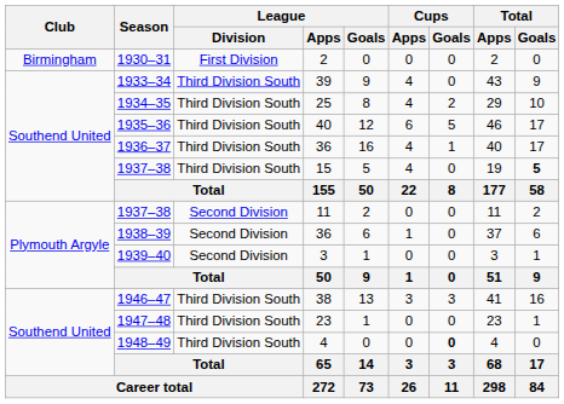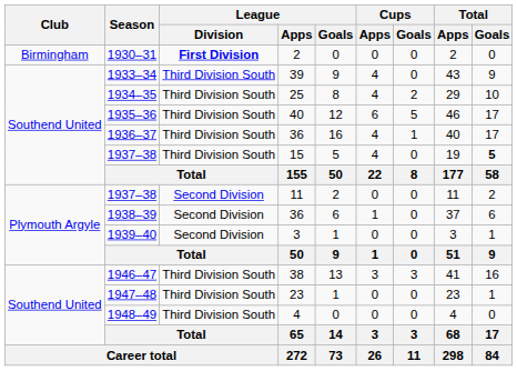 <table class="wikitable" style="text-align: center;">
 <tr>
 <th rowspan="2">Club</th>
 <th rowspan="2">Season</th>
 <th colspan="3">League</th>
 <th colspan="2">Cups</th>
 <th colspan="2">Total</th>
 </tr>
 <tr>
 <th>Division</th>
 <th>Apps</th>
 <th>Goals</th>
 <th>Apps</th>
 <th>Goals</th>
 <th>Apps</th>
 <th>Goals</th>
 </tr>
 <tr>
 <td><a href='#'>Birmingham</a></td>
 <td><a href='#'>1930–31</a></td>
-<td><a href='#'>First Division</a></td>
+<td><strong><a href='#'>First Division</a></strong></td>
 <td>2</td>
 <td>0</td>
 <td>0</td>
 <td>0</td>
 <td>2</td>
 <td>0</td>
 </tr>
 <tr>
 <td rowspan="6"><a href='#'>Southend United</a></td>
 <td><a href='#'>1933–34</a></td>
 <td><a href='#'>Third Division South</a></td>
 <td>39</td>
 <td>9</td>
 <td>4</td>
 <td>0</td>
 <td>43</td>
 <td>9</td>
 </tr>
 <tr>
 <td><a href='#'>1934–35</a></td>
 <td>Third Division South</td>
 <td>25</td>
 <td>8</td>
 <td>4</td>
 <td>2</td>
 <td>29</td>
 <td>10</td>
 </tr>
 <tr>
 <td><a href='#'>1935–36</a></td>
 <td>Third Division South</td>
 <td>40</td>
 <td>12</td>
 <td>6</td>
 <td>5</td>
 <td>46</td>
 <td>17</td>
 </tr>
 <tr>
 <td><a href='#'>1936–37</a></td>
 <td>Third Division South</td>
 <td>36</td>
 <td>16</td>
 <td>4</td>
 <td>1</td>
 <td>40</td>
 <td>17</td>
 </tr>
 <tr>
 <td><a href='#'>1937–38</a></td>
 <td>Third Division South</td>
 <td>15</td>
 <td>5</td>
 <td>4</td>
 <td>0</td>
 <td>19</td>
 <td><strong>5</strong></td>
 </tr>
 <tr>
 <th colspan="2">Total</th>
 <th>155</th>
 <th>50</th>
 <th>22</th>
 <th>8</th>
 <th>177</th>
 <th>58</th>
 </tr>
 <tr>
 <td rowspan="4"><a href='#'>Plymouth Argyle</a></td>
 <td><a href='#'>1937–38</a></td>
 <td><a href='#'>Second Division</a></td>
 <td>11</td>
 <td>2</td>
 <td>0</td>
 <td>0</td>
 <td>11</td>
 <td>2</td>
 </tr>
 <tr>
 <td><a href='#'>1938–39</a></td>
 <td>Second Division</td>
 <td>36</td>
 <td>6</td>
 <td>1</td>
 <td>0</td>
 <td>37</td>
 <td>6</td>
 </tr>
 <tr>
 <td><a href='#'>1939–40</a></td>
 <td>Second Division</td>
 <td>3</td>
 <td>1</td>
 <td>0</td>
 <td>0</td>
 <td>3</td>
 <td>1</td>
 </tr>
 <tr>
 <th colspan="2">Total</th>
 <th>50</th>
 <th>9</th>
 <th>1</th>
 <th>0</th>
 <th>51</th>
 <th>9</th>
 </tr>
 <tr>
 <td rowspan="4"><a href='#'>Southend United</a></td>
 <td><a href='#'>1946–47</a></td>
 <td>Third Division South</td>
 <td>38</td>
 <td>13</td>
 <td>3</td>
 <td>3</td>
 <td>41</td>
 <td>16</td>
 </tr>
 <tr>
 <td><a href='#'>1947–48</a></td>
 <td>Third Division South</td>
 <td>23</td>
 <td>1</td>
 <td>0</td>
 <td>0</td>
 <td>23</td>
 <td>1</td>
 </tr>
 <tr>
 <td><a href='#'>1948–49</a></td>
 <td>Third Division South</td>
 <td>4</td>
 <td>0</td>
 <td>0</td>
-<td><strong>0</strong></td>
+<td>0</td>
 <td>4</td>
 <td>0</td>
 </tr>
 <tr>
 <th colspan="2">Total</th>
 <th>65</th>
 <th>14</th>
 <th>3</th>
 <th>3</th>
 <th>68</th>
 <th>17</th>
 </tr>
 <tr>
 <th colspan="3">Career total</th>
 <th>272</th>
 <th>73</th>
 <th>26</th>
 <th>11</th>
 <th>298</th>
 <th>84</th>
 </tr>
 </table>
